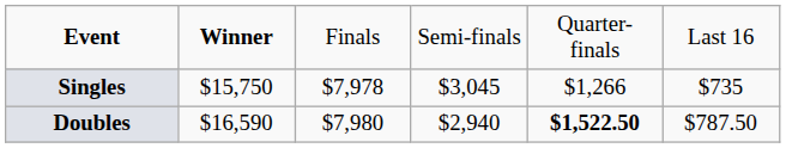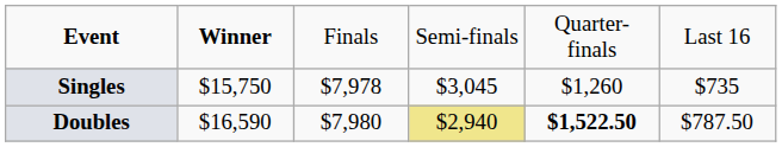 <table class=wikitable style="font-size:90%;text-align:center">
 <tr>
 <td style="width:104px;"><strong>Event</strong></td>
 <td style="width:68px;"><strong>Winner</strong></td>
 <td style="width:68px;">Finals</td>
 <td style="width:68px;">Semi-finals</td>
 <td style="width:80px;">Quarter-finals</td>
 <td style="width:68px;">Last 16</td>
 </tr>
 <tr>
 <td style="background:#dfe2e9;"><strong>Singles</strong></td>
 <td>$15,750</td>
 <td>$7,978</td>
 <td>$3,045</td>
-<td>$1,266</td>
+<td>$1,260</td>
 <td>$735</td>
 </tr>
 <tr>
 <td style="background:#dfe2e9;"><strong>Doubles</strong></td>
 <td>$16,590</td>
 <td>$7,980</td>
-<td>$2,940</td>
+<td style="background: khaki;">$2,940</td>
 <td><strong>$1,522.50</strong></td>
 <td>$787.50</td>
 </tr>
 </table>
